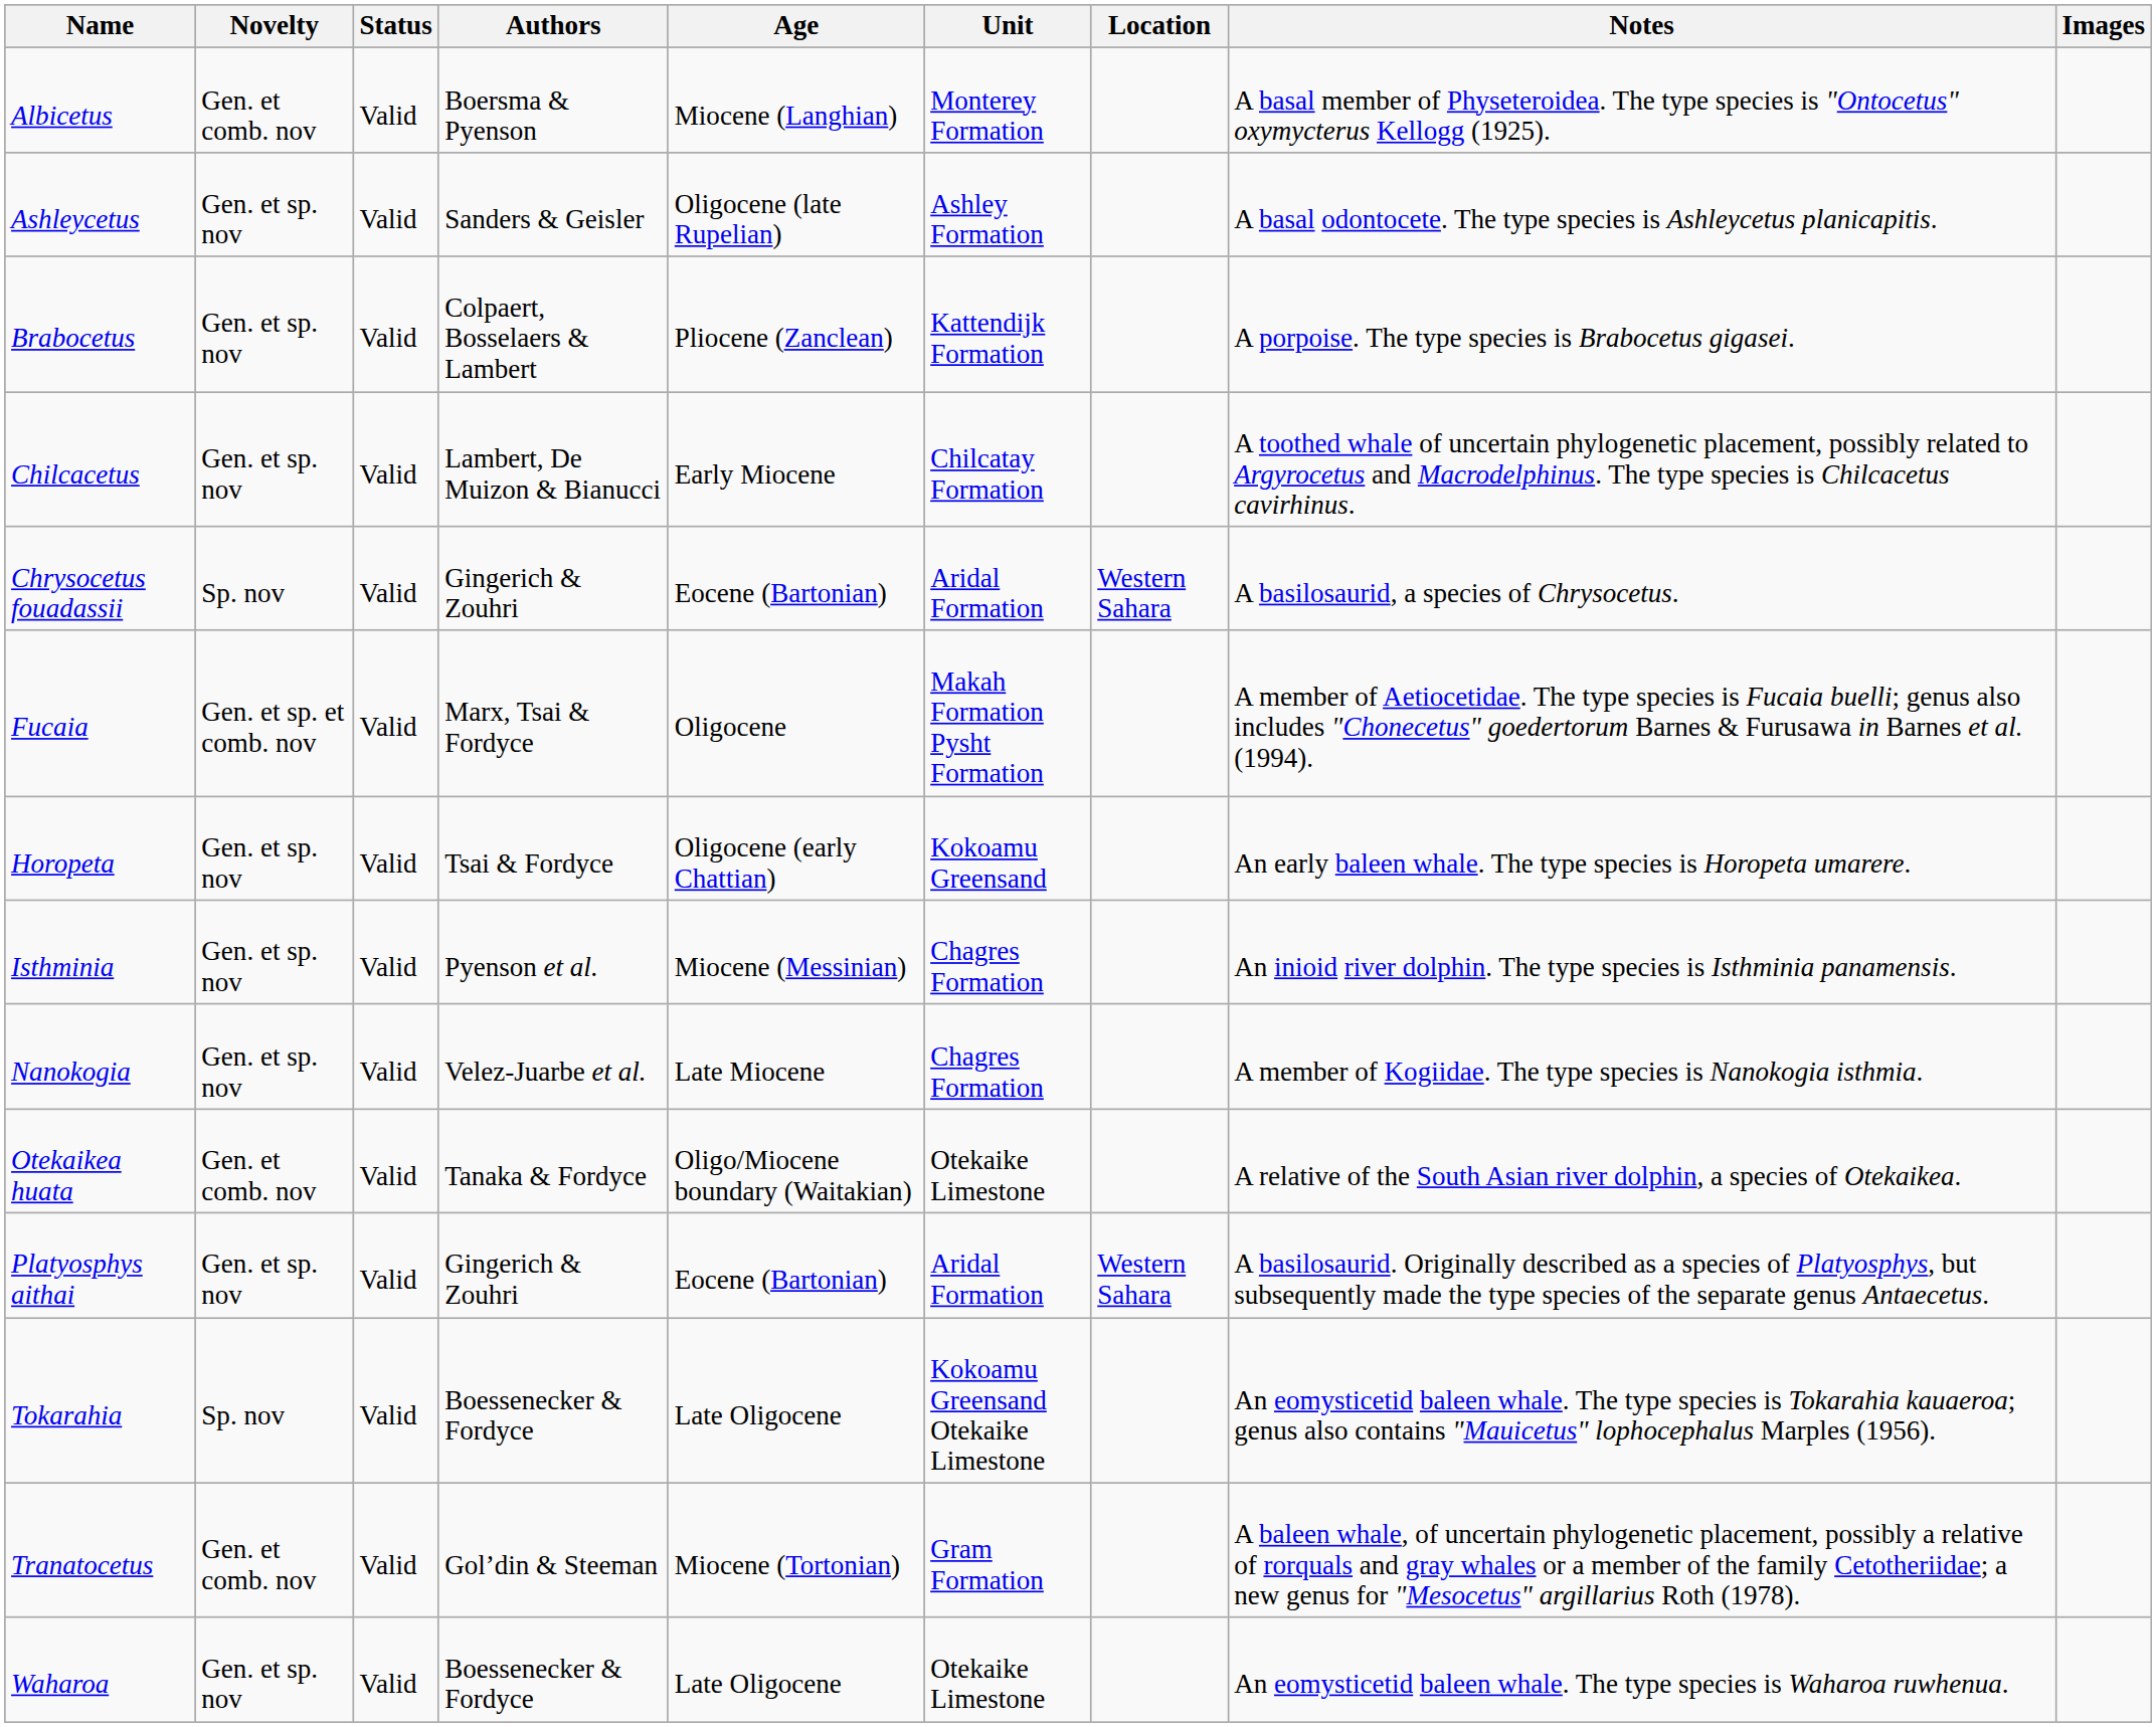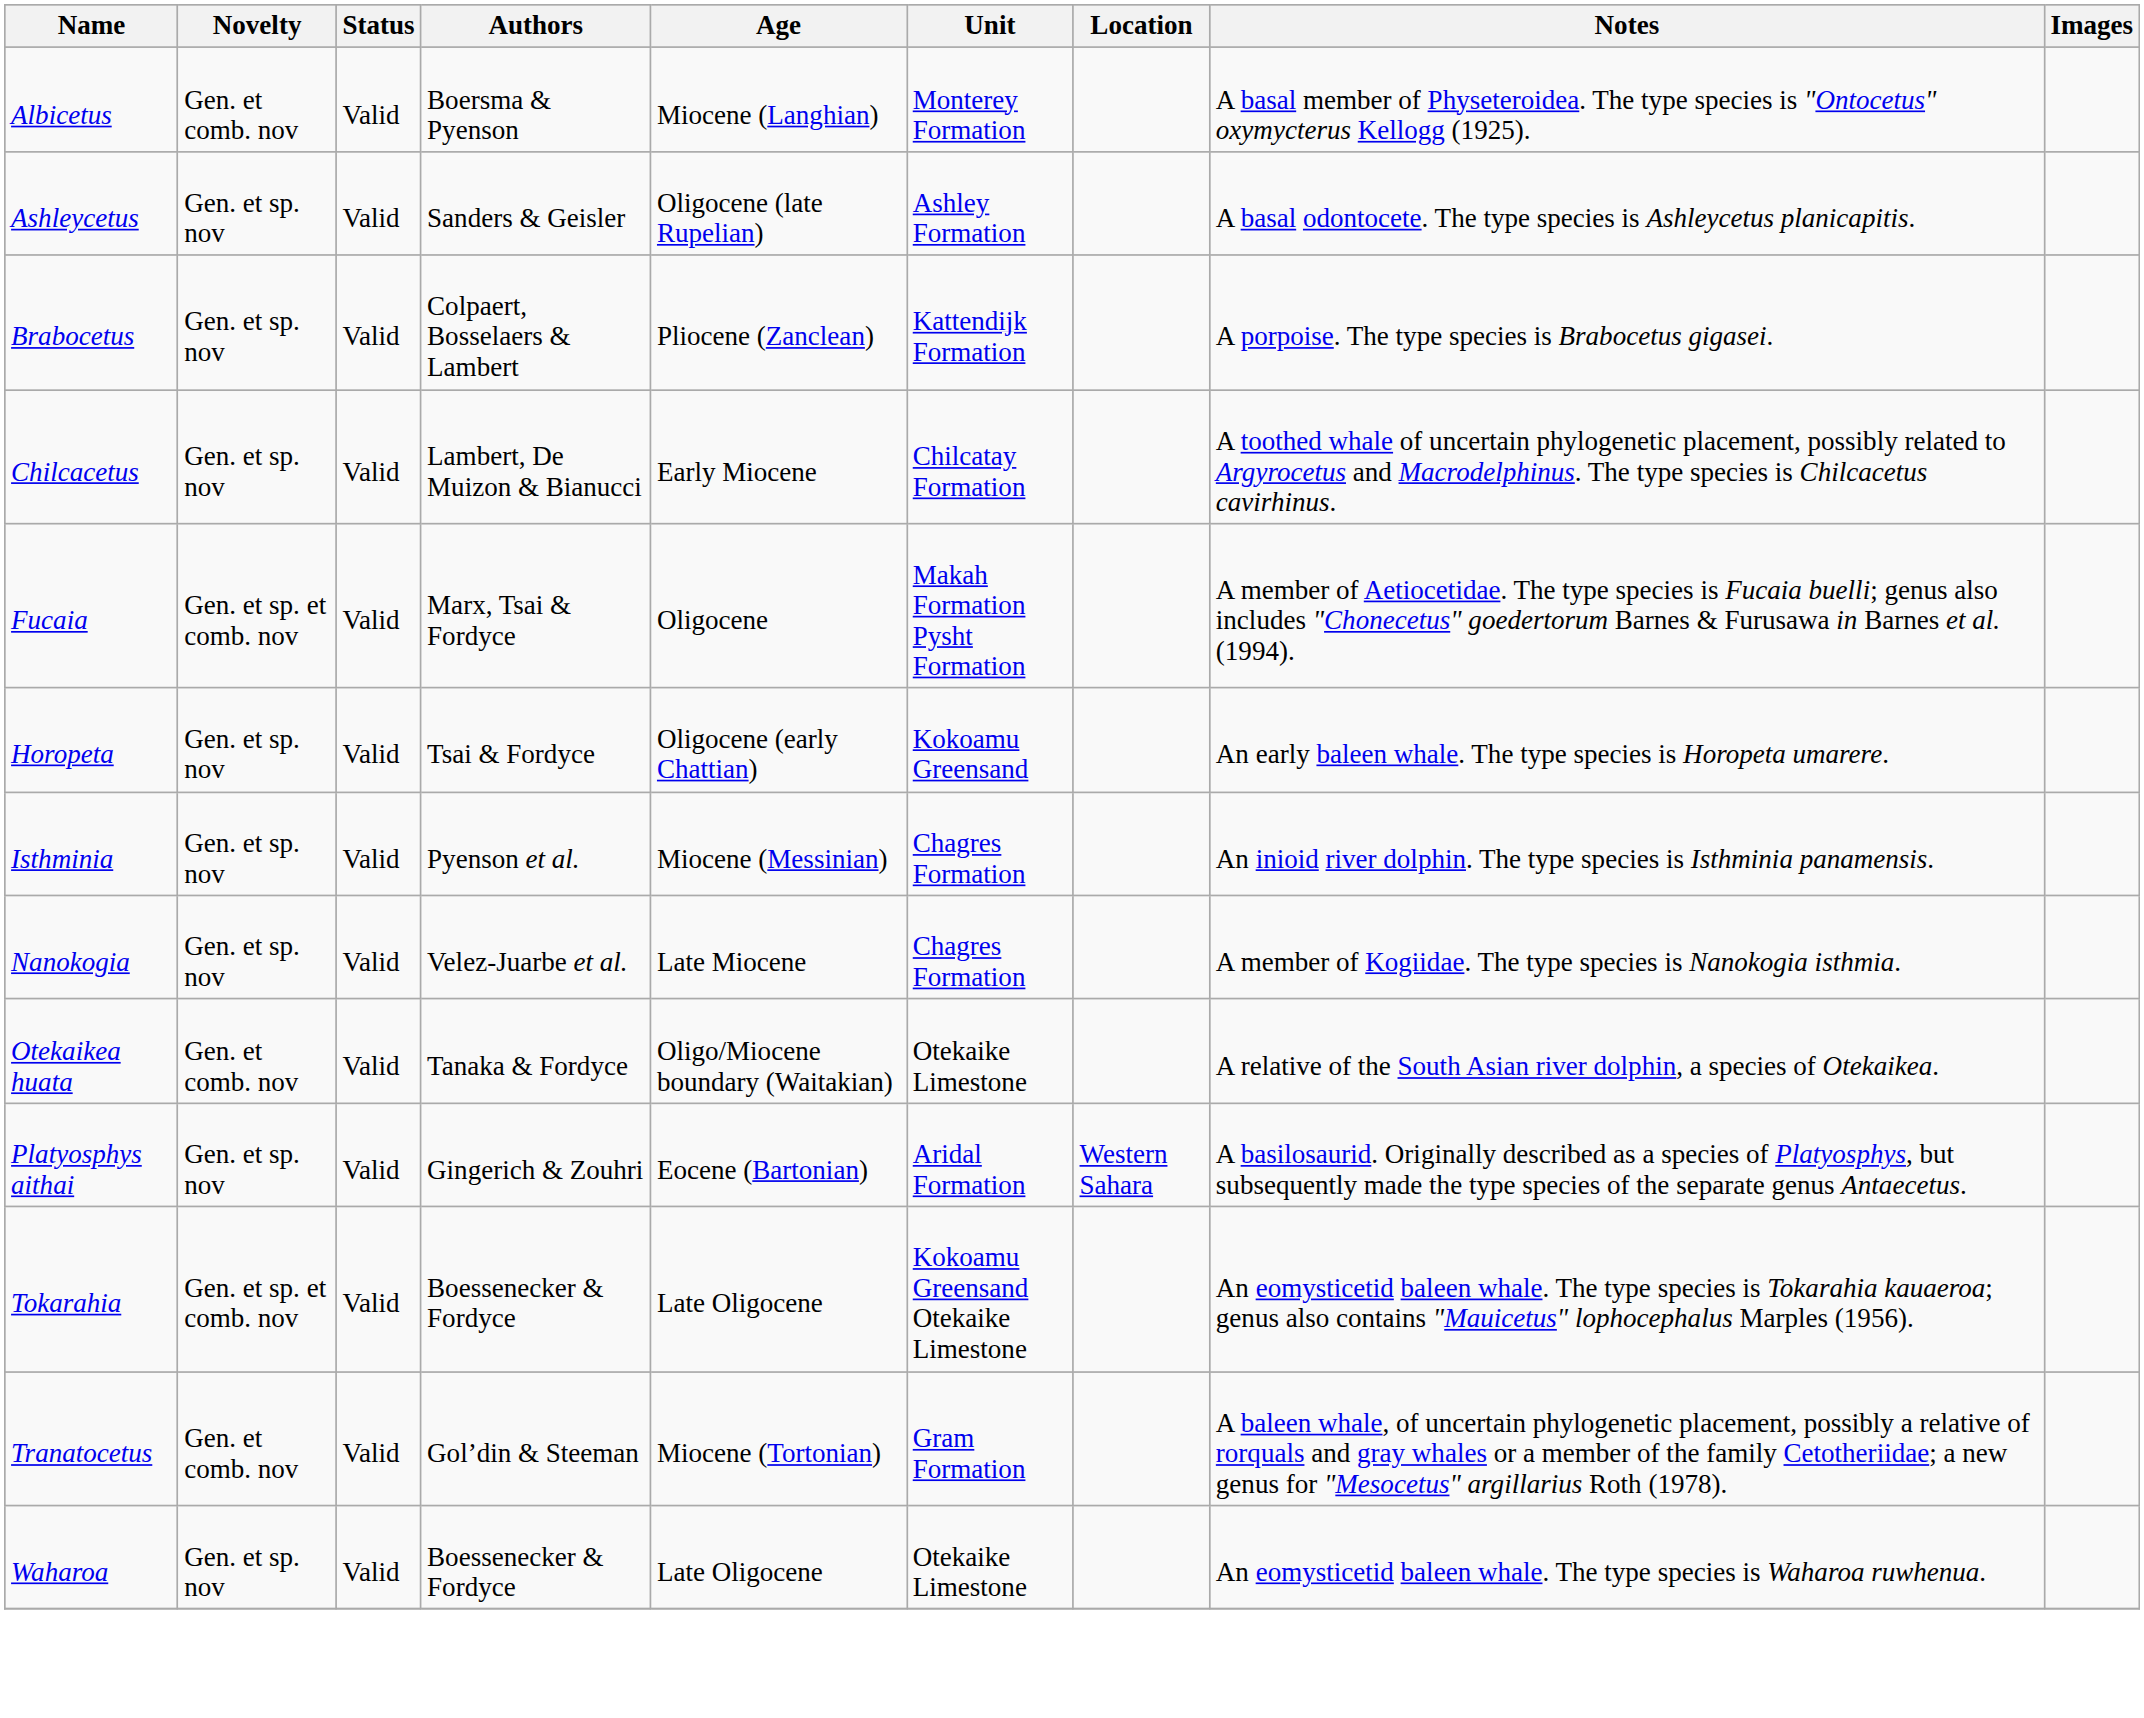 <table class="wikitable sortable" align="center" width="100%">
 <tr>
 <th>Name</th>
 <th>Novelty</th>
 <th>Status</th>
 <th>Authors</th>
 <th>Age</th>
 <th>Unit</th>
 <th>Location</th>
 <th>Notes</th>
 <th>Images</th>
 </tr>
 <tr>
 <td><br><em><a href='#'>Albicetus</a></em></td>
 <td><br>Gen. et comb. nov</td>
 <td><br>Valid</td>
 <td><br>Boersma & Pyenson</td>
 <td><br>Miocene (<a href='#'>Langhian</a>)</td>
 <td><br><a href='#'>Monterey Formation</a></td>
 <td><br></td>
 <td><br>A <a href='#'>basal</a> member of <a href='#'>Physeteroidea</a>. The type species is <em>"<a href='#'>Ontocetus</a>" oxymycterus</em> <a href='#'>Kellogg</a> (1925).</td>
 <td></td>
 </tr>
 <tr>
 <td><br><em><a href='#'>Ashleycetus</a></em></td>
 <td><br>Gen. et sp. nov</td>
 <td><br>Valid</td>
 <td><br>Sanders & Geisler</td>
 <td><br>Oligocene (late <a href='#'>Rupelian</a>)</td>
 <td><br><a href='#'>Ashley Formation</a></td>
 <td><br></td>
 <td><br>A <a href='#'>basal</a> <a href='#'>odontocete</a>. The type species is <em>Ashleycetus planicapitis</em>.</td>
 <td></td>
 </tr>
 <tr>
 <td><br><em><a href='#'>Brabocetus</a></em></td>
 <td><br>Gen. et sp. nov</td>
 <td><br>Valid</td>
 <td><br>Colpaert, Bosselaers & Lambert</td>
 <td><br>Pliocene (<a href='#'>Zanclean</a>)</td>
 <td><br><a href='#'>Kattendijk Formation</a></td>
 <td><br></td>
 <td><br>A <a href='#'>porpoise</a>. The type species is <em>Brabocetus gigasei</em>.</td>
 <td></td>
 </tr>
 <tr>
 <td><br><em><a href='#'>Chilcacetus</a></em></td>
 <td><br>Gen. et sp. nov</td>
 <td><br>Valid</td>
 <td><br>Lambert, De Muizon & Bianucci</td>
 <td><br>Early Miocene</td>
 <td><br><a href='#'>Chilcatay Formation</a></td>
 <td><br></td>
 <td><br>A <a href='#'>toothed whale</a> of uncertain phylogenetic placement, possibly related to <em><a href='#'>Argyrocetus</a></em> and <em><a href='#'>Macrodelphinus</a></em>. The type species is <em>Chilcacetus cavirhinus</em>.</td>
-<td></td>
-</tr>
-<tr>
-<td><br><em><a href='#'>Chrysocetus fouadassii</a></em></td>
-<td><br>Sp. nov</td>
-<td><br>Valid</td>
-<td><br>Gingerich & Zouhri</td>
-<td><br>Eocene (<a href='#'>Bartonian</a>)</td>
-<td><br><a href='#'>Aridal Formation</a></td>
-<td><br><a href='#'>Western Sahara</a></td>
-<td><br>A <a href='#'>basilosaurid</a>, a species of <em>Chrysocetus</em>.</td>
 <td></td>
 </tr>
 <tr>
 <td><br><em><a href='#'>Fucaia</a></em></td>
 <td><br>Gen. et sp. et comb. nov</td>
 <td><br>Valid</td>
 <td><br>Marx, Tsai & Fordyce</td>
 <td><br>Oligocene</td>
 <td><br><a href='#'>Makah Formation</a><br> <a href='#'>Pysht Formation</a></td>
 <td><br></td>
 <td><br>A member of <a href='#'>Aetiocetidae</a>. The type species is <em>Fucaia buelli</em>; genus also includes <em>"<a href='#'>Chonecetus</a>" goedertorum</em> Barnes & Furusawa <em>in</em> Barnes <em>et al.</em> (1994).</td>
 <td></td>
 </tr>
 <tr>
 <td><br><em><a href='#'>Horopeta</a></em></td>
 <td><br>Gen. et sp. nov</td>
 <td><br>Valid</td>
 <td><br>Tsai & Fordyce</td>
 <td><br>Oligocene (early <a href='#'>Chattian</a>)</td>
 <td><br><a href='#'>Kokoamu Greensand</a></td>
 <td><br></td>
 <td><br>An early <a href='#'>baleen whale</a>. The type species is <em>Horopeta umarere</em>.</td>
 <td></td>
 </tr>
 <tr>
 <td><br><em><a href='#'>Isthminia</a></em></td>
 <td><br>Gen. et sp. nov</td>
 <td><br>Valid</td>
 <td><br>Pyenson <em>et al.</em></td>
 <td><br>Miocene (<a href='#'>Messinian</a>)</td>
 <td><br><a href='#'>Chagres Formation</a></td>
 <td><br></td>
 <td><br>An <a href='#'>inioid</a> <a href='#'>river dolphin</a>. The type species is <em>Isthminia panamensis</em>.</td>
 <td></td>
 </tr>
 <tr>
 <td><br><em><a href='#'>Nanokogia</a></em></td>
 <td><br>Gen. et sp. nov</td>
 <td><br>Valid</td>
 <td><br>Velez-Juarbe <em>et al.</em></td>
 <td><br>Late Miocene</td>
 <td><br><a href='#'>Chagres Formation</a></td>
 <td><br></td>
 <td><br>A member of <a href='#'>Kogiidae</a>. The type species is <em>Nanokogia isthmia</em>.</td>
 <td></td>
 </tr>
 <tr>
 <td><br><em><a href='#'>Otekaikea huata</a></em></td>
 <td><br>Gen. et comb. nov</td>
 <td><br>Valid</td>
 <td><br>Tanaka & Fordyce</td>
 <td><br>Oligo/Miocene boundary (Waitakian)</td>
 <td><br>Otekaike Limestone</td>
 <td><br></td>
 <td><br>A relative of the <a href='#'>South Asian river dolphin</a>, a species of <em>Otekaikea</em>.</td>
 <td></td>
 </tr>
 <tr>
 <td><br><em><a href='#'>Platyosphys aithai</a></em></td>
 <td><br>Gen. et sp. nov</td>
 <td><br>Valid</td>
 <td><br>Gingerich & Zouhri</td>
 <td><br>Eocene (<a href='#'>Bartonian</a>)</td>
 <td><br><a href='#'>Aridal Formation</a></td>
 <td><br><a href='#'>Western Sahara</a></td>
 <td><br>A <a href='#'>basilosaurid</a>. Originally described as a species of <em><a href='#'>Platyosphys</a></em>, but subsequently made the type species of the separate genus <em>Antaecetus</em>.</td>
 <td></td>
 </tr>
 <tr>
 <td><br><em><a href='#'>Tokarahia</a></em></td>
-<td><br>Sp. nov</td>
+<td><br>Gen. et sp. et comb. nov</td>
 <td><br>Valid</td>
 <td><br>Boessenecker & Fordyce</td>
 <td><br>Late Oligocene</td>
 <td><br><a href='#'>Kokoamu Greensand</a><br> Otekaike Limestone</td>
 <td><br></td>
 <td><br>An <a href='#'>eomysticetid</a> <a href='#'>baleen whale</a>. The type species is <em>Tokarahia kauaeroa</em>; genus also contains <em>"<a href='#'>Mauicetus</a>" lophocephalus</em> Marples (1956).</td>
 <td></td>
 </tr>
 <tr>
 <td><br><em><a href='#'>Tranatocetus</a></em></td>
 <td><br>Gen. et comb. nov</td>
 <td><br>Valid</td>
 <td><br>Gol’din & Steeman</td>
 <td><br>Miocene (<a href='#'>Tortonian</a>)</td>
 <td><br><a href='#'>Gram Formation</a></td>
 <td><br></td>
 <td><br>A <a href='#'>baleen whale</a>, of uncertain phylogenetic placement, possibly a relative of <a href='#'>rorquals</a> and <a href='#'>gray whales</a> or a member of the family <a href='#'>Cetotheriidae</a>; a new genus for <em>"<a href='#'>Mesocetus</a>" argillarius</em> Roth (1978).</td>
 <td></td>
 </tr>
 <tr>
 <td><br><em><a href='#'>Waharoa</a></em></td>
 <td><br>Gen. et sp. nov</td>
 <td><br>Valid</td>
 <td><br>Boessenecker & Fordyce</td>
 <td><br>Late Oligocene</td>
 <td><br>Otekaike Limestone</td>
 <td><br></td>
 <td><br>An <a href='#'>eomysticetid</a> <a href='#'>baleen whale</a>. The type species is <em>Waharoa ruwhenua</em>.</td>
 <td></td>
 </tr>
 <tr>
 </tr>
 </table>
